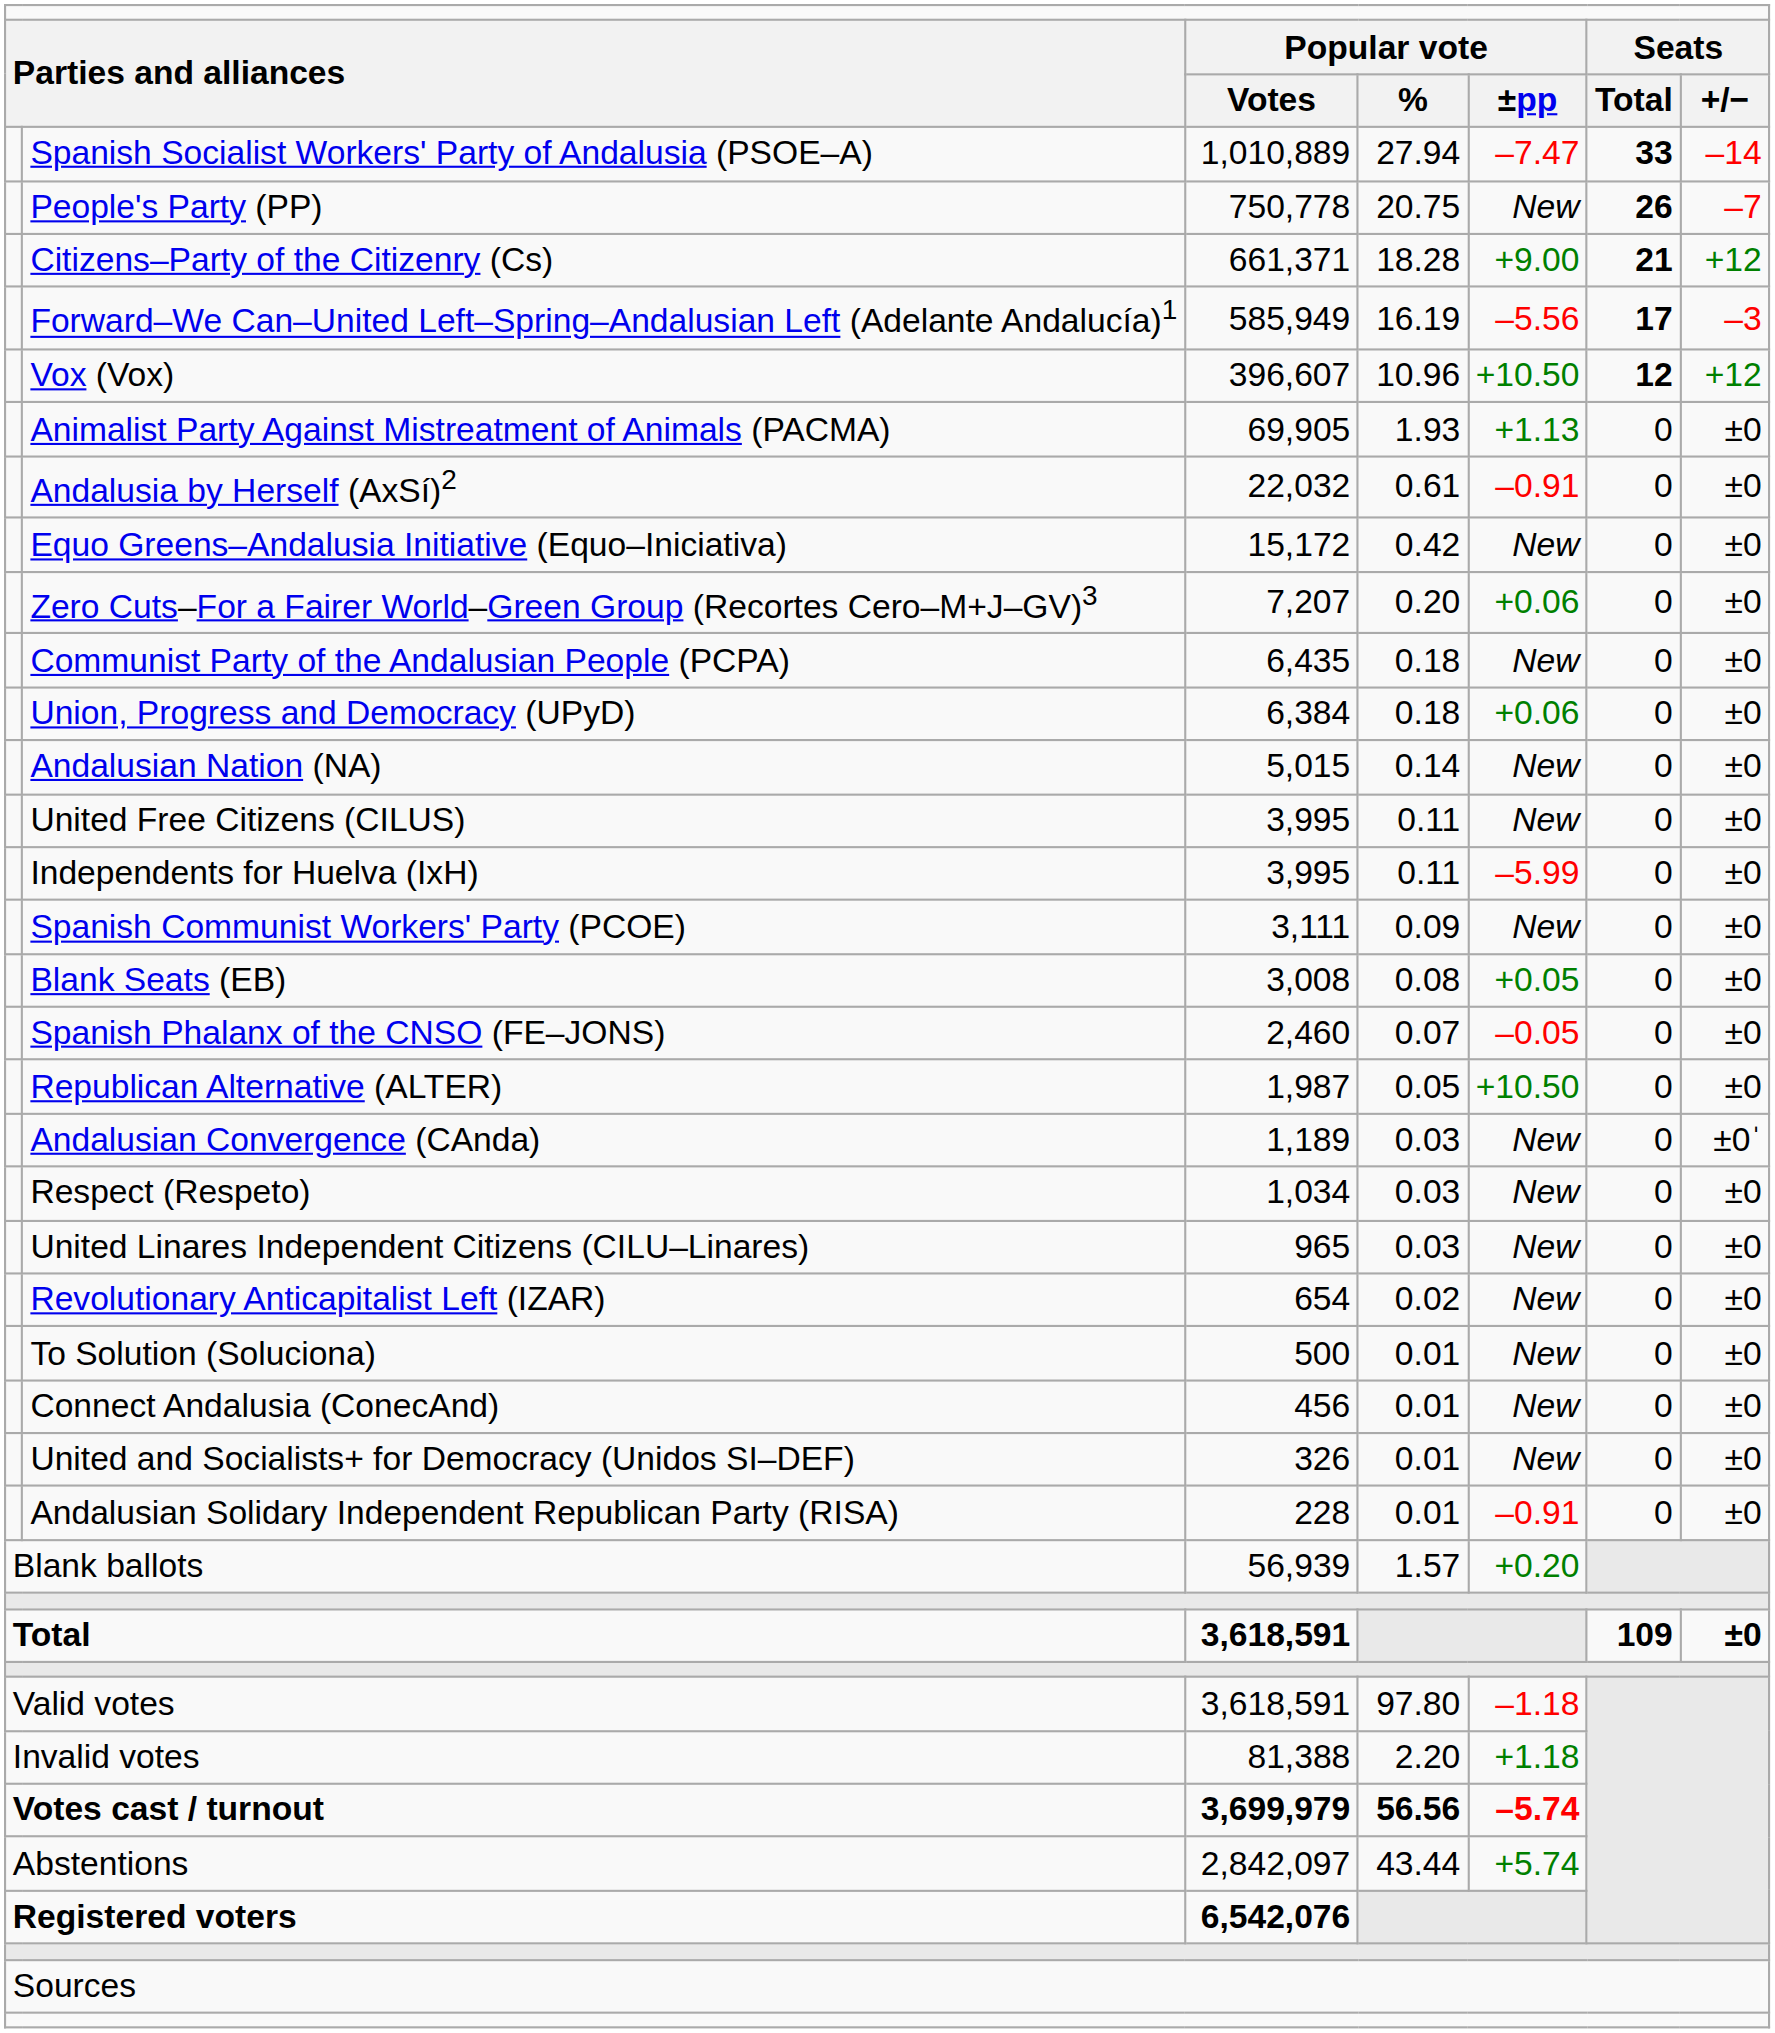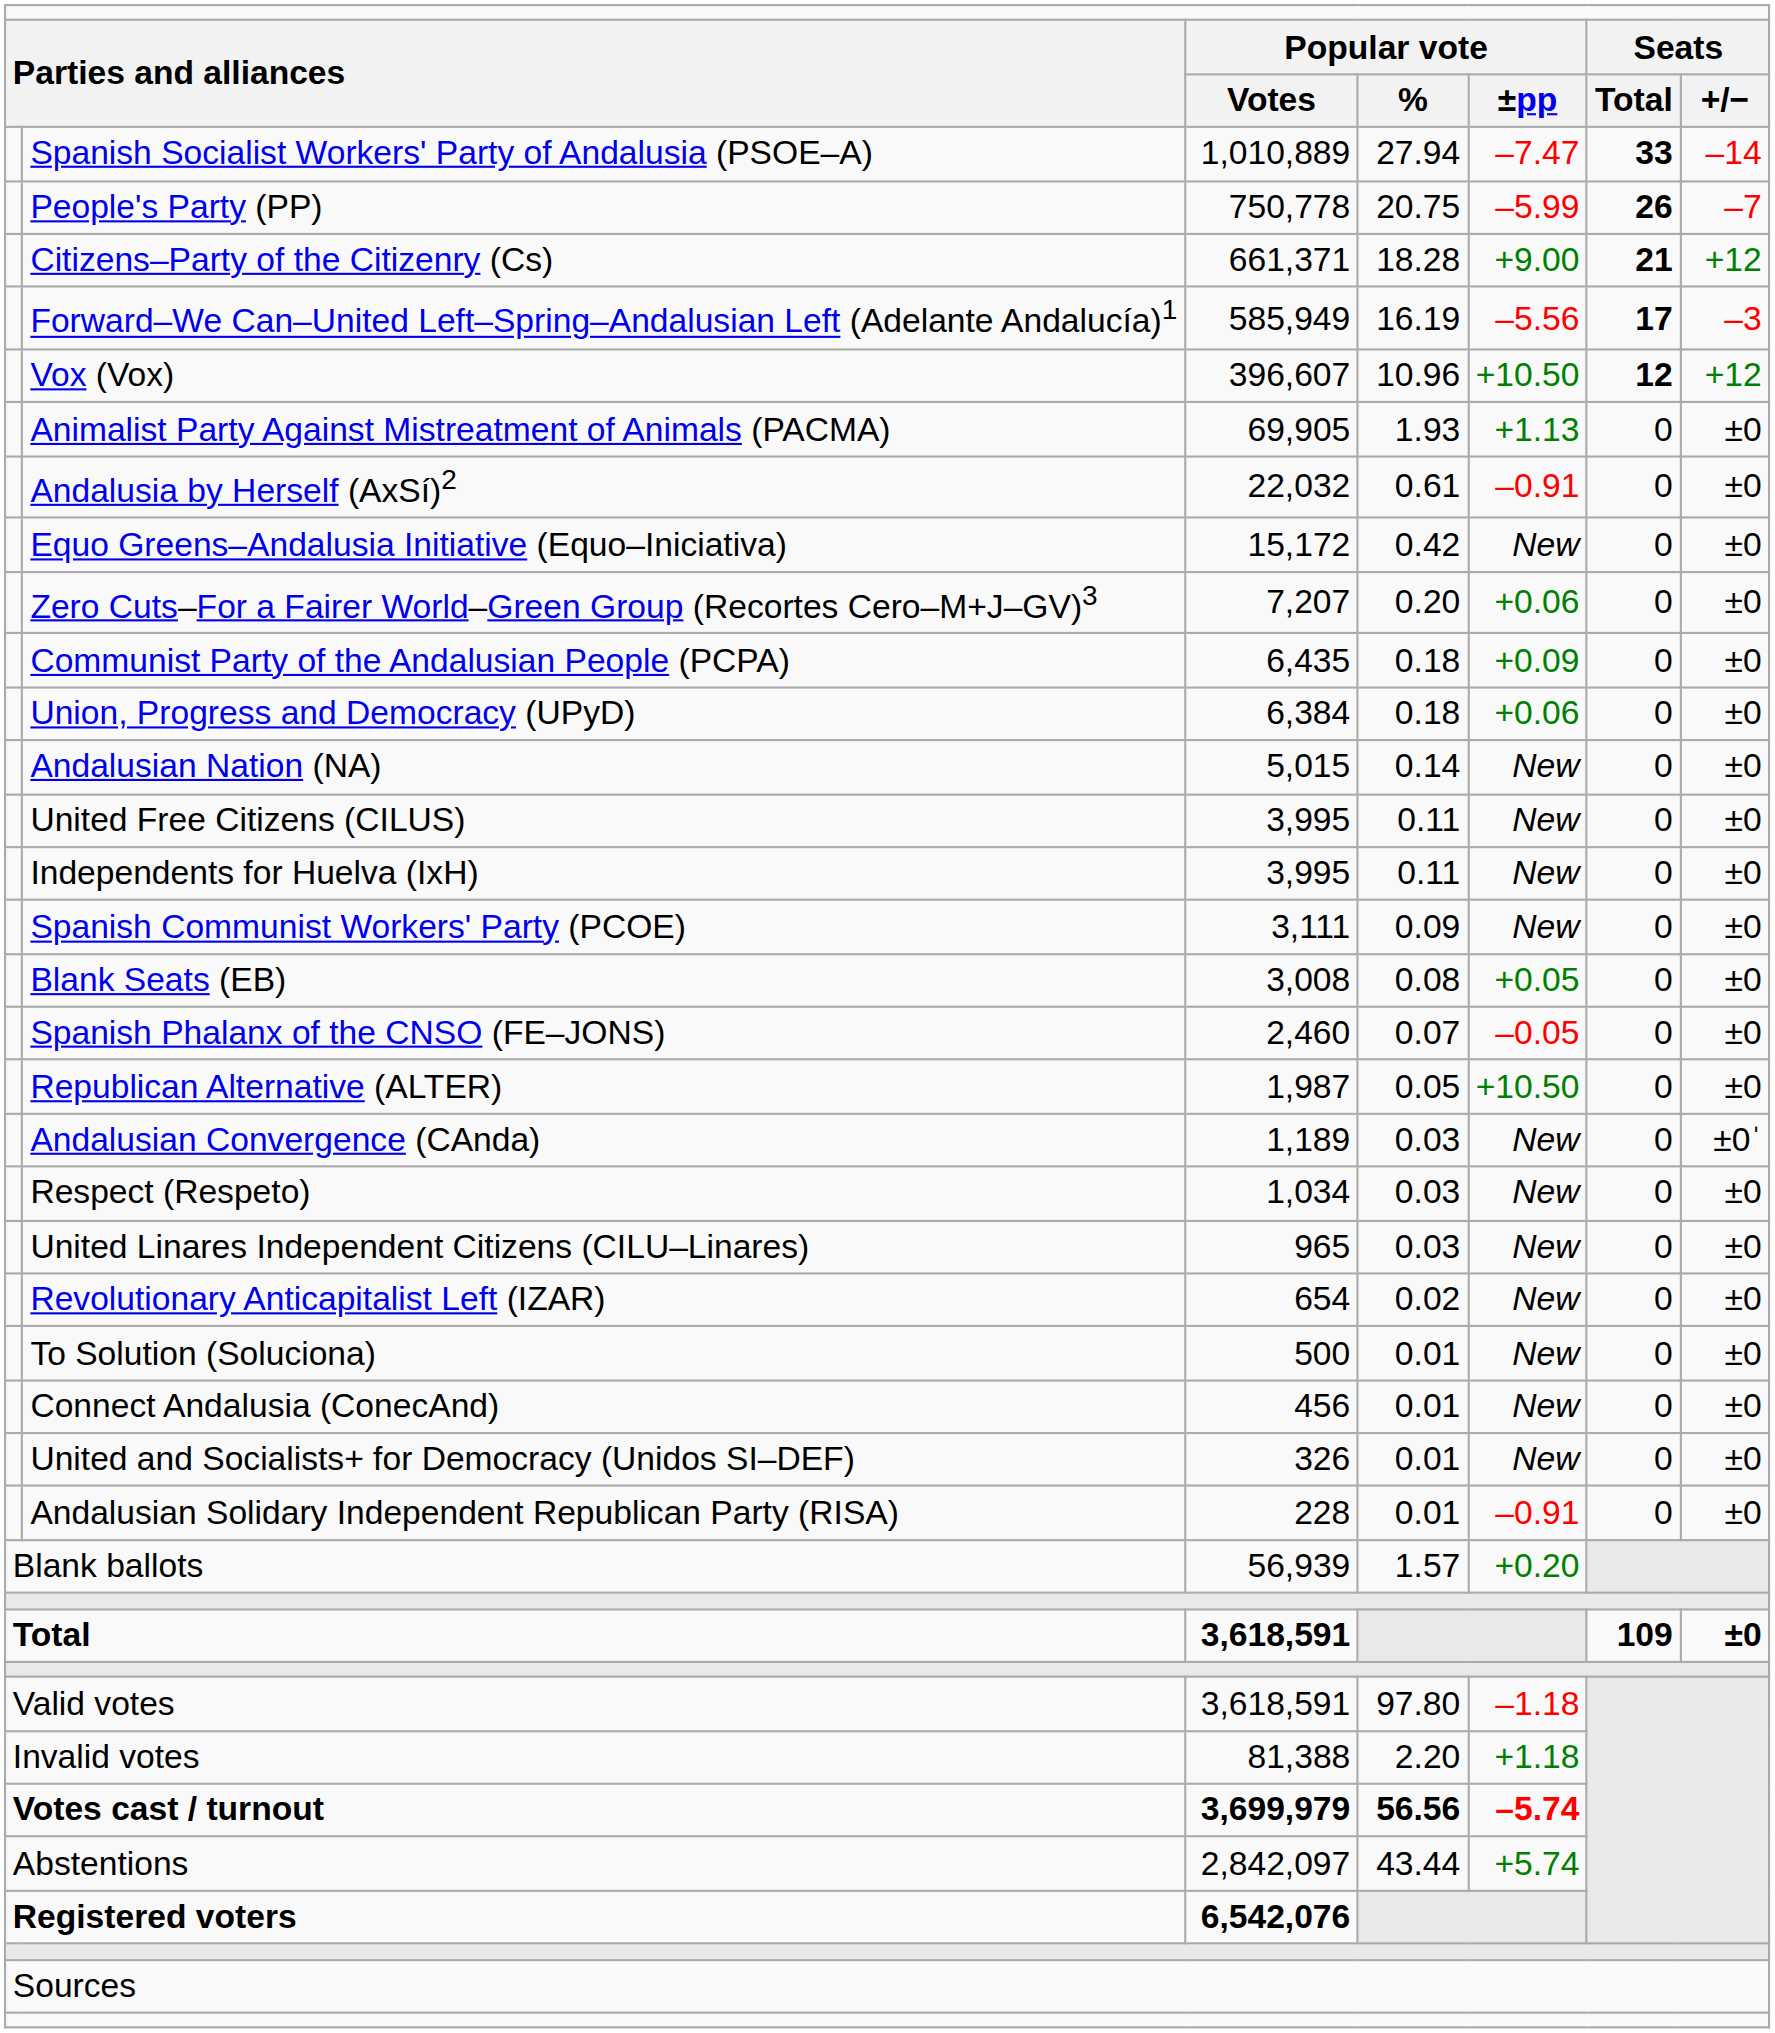 <table class="wikitable" style="text-align:right;">
 <tr>
 <td colspan="7"></td>
 </tr>
 <tr>
 <th style="text-align:left;" rowspan="2" colspan="2" width="525">Parties and alliances</th>
 <th colspan="3">Popular vote</th>
 <th colspan="2">Seats</th>
 </tr>
 <tr>
 <th width="75">Votes</th>
 <th width="45">%</th>
 <th width="45">±<a href='#'>pp</a></th>
 <th width="35">Total</th>
 <th width="35">+/−</th>
 </tr>
 <tr>
 <td width="1" style="color:inherit;background:"></td>
 <td align="left"><a href='#'>Spanish Socialist Workers' Party of Andalusia</a> (PSOE–A)</td>
 <td>1,010,889</td>
 <td>27.94</td>
 <td style="color:red;">–7.47</td>
 <td><strong>33</strong></td>
 <td style="color:red;">–14</td>
 </tr>
 <tr>
 <td style="color:inherit;background:"></td>
 <td align="left"><a href='#'>People's Party</a> (PP)</td>
 <td>750,778</td>
 <td>20.75</td>
-<td><em>New</em></td>
+<td style="color:red;">–5.99</td>
 <td><strong>26</strong></td>
 <td style="color:red;">–7</td>
 </tr>
 <tr>
 <td style="color:inherit;background:"></td>
 <td align="left"><a href='#'>Citizens–Party of the Citizenry</a> (Cs)</td>
 <td>661,371</td>
 <td>18.28</td>
 <td style="color:green;">+9.00</td>
 <td><strong>21</strong></td>
 <td style="color:green;">+12</td>
 </tr>
 <tr>
 <td style="color:inherit;background:"></td>
 <td align="left"><a href='#'>Forward–We Can–United Left–Spring–Andalusian Left</a> (Adelante Andalucía)<sup>1</sup></td>
 <td>585,949</td>
 <td>16.19</td>
 <td style="color:red;">–5.56</td>
 <td><strong>17</strong></td>
 <td style="color:red;">–3</td>
 </tr>
 <tr>
 <td style="color:inherit;background:"></td>
 <td align="left"><a href='#'>Vox</a> (Vox)</td>
 <td>396,607</td>
 <td>10.96</td>
 <td style="color:green;">+10.50</td>
 <td><strong>12</strong></td>
 <td style="color:green;">+12</td>
 </tr>
 <tr>
 <td style="color:inherit;background:"></td>
 <td align="left"><a href='#'>Animalist Party Against Mistreatment of Animals</a> (PACMA)</td>
 <td>69,905</td>
 <td>1.93</td>
 <td style="color:green;">+1.13</td>
 <td>0</td>
 <td>±0</td>
 </tr>
 <tr>
 <td style="color:inherit;background:"></td>
 <td align="left"><a href='#'>Andalusia by Herself</a> (AxSí)<sup>2</sup></td>
 <td>22,032</td>
 <td>0.61</td>
 <td style="color:red;">–0.91</td>
 <td>0</td>
 <td>±0</td>
 </tr>
 <tr>
 <td style="color:inherit;background:"></td>
 <td align="left"><a href='#'>Equo Greens–Andalusia Initiative</a> (Equo–Iniciativa)</td>
 <td>15,172</td>
 <td>0.42</td>
 <td><em>New</em></td>
 <td>0</td>
 <td>±0</td>
 </tr>
 <tr>
 <td style="color:inherit;background:"></td>
 <td align="left"><a href='#'>Zero Cuts</a>–<a href='#'>For a Fairer World</a>–<a href='#'>Green Group</a> (Recortes Cero–M+J–GV)<sup>3</sup></td>
 <td>7,207</td>
 <td>0.20</td>
 <td style="color:green;">+0.06</td>
 <td>0</td>
 <td>±0</td>
 </tr>
 <tr>
 <td style="color:inherit;background:"></td>
 <td align="left"><a href='#'>Communist Party of the Andalusian People</a> (PCPA)</td>
 <td>6,435</td>
 <td>0.18</td>
-<td><em>New</em></td>
+<td style="color:green;">+0.09</td>
 <td>0</td>
 <td>±0</td>
 </tr>
 <tr>
 <td style="color:inherit;background:"></td>
 <td align="left"><a href='#'>Union, Progress and Democracy</a> (UPyD)</td>
 <td>6,384</td>
 <td>0.18</td>
 <td style="color:green;">+0.06</td>
 <td>0</td>
 <td>±0</td>
 </tr>
 <tr>
 <td style="color:inherit;background:"></td>
 <td align="left"><a href='#'>Andalusian Nation</a> (NA)</td>
 <td>5,015</td>
 <td>0.14</td>
 <td><em>New</em></td>
 <td>0</td>
 <td>±0</td>
 </tr>
 <tr>
 <td style="color:inherit;background:"></td>
 <td align="left">United Free Citizens (CILUS)</td>
 <td>3,995</td>
 <td>0.11</td>
 <td><em>New</em></td>
 <td>0</td>
 <td>±0</td>
 </tr>
 <tr>
 <td style="color:inherit;background:"></td>
 <td align="left">Independents for Huelva (IxH)</td>
 <td>3,995</td>
 <td>0.11</td>
-<td style="color:red;">–5.99</td>
+<td><em>New</em></td>
 <td>0</td>
 <td>±0</td>
 </tr>
 <tr>
 <td style="color:inherit;background:"></td>
 <td align="left"><a href='#'>Spanish Communist Workers' Party</a> (PCOE)</td>
 <td>3,111</td>
 <td>0.09</td>
 <td><em>New</em></td>
 <td>0</td>
 <td>±0</td>
 </tr>
 <tr>
 <td style="color:inherit;background:"></td>
 <td align="left"><a href='#'>Blank Seats</a> (EB)</td>
 <td>3,008</td>
 <td>0.08</td>
 <td style="color:green;">+0.05</td>
 <td>0</td>
 <td>±0</td>
 </tr>
 <tr>
 <td style="color:inherit;background:"></td>
 <td align="left"><a href='#'>Spanish Phalanx of the CNSO</a> (FE–JONS)</td>
 <td>2,460</td>
 <td>0.07</td>
 <td style="color:red;">–0.05</td>
 <td>0</td>
 <td>±0</td>
 </tr>
 <tr>
 <td style="color:inherit;background:"></td>
 <td align="left"><a href='#'>Republican Alternative</a> (ALTER)</td>
 <td>1,987</td>
 <td>0.05</td>
 <td style="color:green;">+10.50</td>
 <td>0</td>
 <td>±0</td>
 </tr>
 <tr>
 <td style="color:inherit;background:"></td>
 <td align="left"><a href='#'>Andalusian Convergence</a> (CAnda)</td>
 <td>1,189</td>
 <td>0.03</td>
 <td><em>New</em></td>
 <td>0</td>
 <td>±0ˈ</td>
 </tr>
 <tr>
 <td style="color:inherit;background:"></td>
 <td align="left">Respect (Respeto)</td>
 <td>1,034</td>
 <td>0.03</td>
 <td><em>New</em></td>
 <td>0</td>
 <td>±0</td>
 </tr>
 <tr>
 <td style="color:inherit;background:"></td>
 <td align="left">United Linares Independent Citizens (CILU–Linares)</td>
 <td>965</td>
 <td>0.03</td>
 <td><em>New</em></td>
 <td>0</td>
 <td>±0</td>
 </tr>
 <tr>
 <td style="color:inherit;background:"></td>
 <td align="left"><a href='#'>Revolutionary Anticapitalist Left</a> (IZAR)</td>
 <td>654</td>
 <td>0.02</td>
 <td><em>New</em></td>
 <td>0</td>
 <td>±0</td>
 </tr>
 <tr>
 <td style="color:inherit;background:"></td>
 <td align="left">To Solution (Soluciona)</td>
 <td>500</td>
 <td>0.01</td>
 <td><em>New</em></td>
 <td>0</td>
 <td>±0</td>
 </tr>
 <tr>
 <td style="color:inherit;background:"></td>
 <td align="left">Connect Andalusia (ConecAnd)</td>
 <td>456</td>
 <td>0.01</td>
 <td><em>New</em></td>
 <td>0</td>
 <td>±0</td>
 </tr>
 <tr>
 <td style="color:inherit;background:"></td>
 <td align="left">United and Socialists+ for Democracy (Unidos SI–DEF)</td>
 <td>326</td>
 <td>0.01</td>
 <td><em>New</em></td>
 <td>0</td>
 <td>±0</td>
 </tr>
 <tr>
 <td style="color:inherit;background:"></td>
 <td align="left">Andalusian Solidary Independent Republican Party (RISA)</td>
 <td>228</td>
 <td>0.01</td>
 <td style="color:red;">–0.91</td>
 <td>0</td>
 <td>±0</td>
 </tr>
 <tr>
 <td align="left" colspan="2">Blank ballots</td>
 <td>56,939</td>
 <td>1.57</td>
 <td style="color:green;">+0.20</td>
 <td bgcolor="#E9E9E9" colspan="2"></td>
 </tr>
 <tr>
 <td colspan="7" bgcolor="#E9E9E9"></td>
 </tr>
 <tr style="font-weight:bold;">
 <td align="left" colspan="2">Total</td>
 <td>3,618,591</td>
 <td bgcolor="#E9E9E9" colspan="2"></td>
 <td>109</td>
 <td>±0</td>
 </tr>
 <tr>
 <td colspan="7" bgcolor="#E9E9E9"></td>
 </tr>
 <tr>
 <td align="left" colspan="2">Valid votes</td>
 <td>3,618,591</td>
 <td>97.80</td>
 <td style="color:red;">–1.18</td>
 <td bgcolor="#E9E9E9" colspan="2" rowspan="5"></td>
 </tr>
 <tr>
 <td align="left" colspan="2">Invalid votes</td>
 <td>81,388</td>
 <td>2.20</td>
 <td style="color:green;">+1.18</td>
 </tr>
 <tr style="font-weight:bold;">
 <td align="left" colspan="2">Votes cast / turnout</td>
 <td>3,699,979</td>
 <td>56.56</td>
 <td style="color:red;">–5.74</td>
 </tr>
 <tr>
 <td align="left" colspan="2">Abstentions</td>
 <td>2,842,097</td>
 <td>43.44</td>
 <td style="color:green;">+5.74</td>
 </tr>
 <tr style="font-weight:bold;">
 <td align="left" colspan="2">Registered voters</td>
 <td>6,542,076</td>
 <td bgcolor="#E9E9E9" colspan="2"></td>
 </tr>
 <tr>
 <td colspan="7" bgcolor="#E9E9E9"></td>
 </tr>
 <tr>
 <td align="left" colspan="7">Sources</td>
 </tr>
 <tr>
 <td colspan="7" style="text-align:left; max-width:790px;"></td>
 </tr>
 </table>
